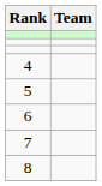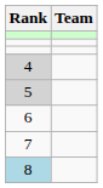 <table class="wikitable">
 <tr>
 <th>Rank</th>
 <th>Team</th>
 </tr>
 <tr bgcolor=#ccffcc>
 <td align=center></td>
 <td></td>
 </tr>
 <tr>
 <td align=center></td>
 <td></td>
 </tr>
 <tr>
 <td align=center></td>
 <td></td>
 </tr>
 <tr>
-<td align=center>4</td>
+<td align=center style="background: lightgrey;">4</td>
 <td></td>
 </tr>
 <tr>
-<td align=center>5</td>
+<td align=center style="background: lightgrey;">5</td>
 <td></td>
 </tr>
 <tr>
 <td align=center>6</td>
 <td></td>
 </tr>
 <tr>
 <td align=center>7</td>
 <td></td>
 </tr>
 <tr>
-<td align=center>8</td>
+<td align=center style="background: lightblue;">8</td>
 <td></td>
 </tr>
 </table>
